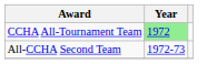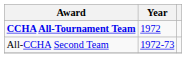 <table class="wikitable">
 <tr>
 <th>Award</th>
 <th>Year</th>
 <th></th>
 </tr>
 <tr>
-<td><a href='#'>CCHA</a> <a href='#'>All-Tournament Team</a></td>
-<td style="background: lightgreen;"><a href='#'>1972</a></td>
+<td><strong><a href='#'>CCHA</a> <a href='#'>All-Tournament Team</a></strong></td>
+<td><a href='#'>1972</a></td>
 <td></td>
 </tr>
 <tr>
 <td>All-<a href='#'>CCHA</a> <a href='#'>Second Team</a></td>
 <td><a href='#'>1972-73</a></td>
 <td></td>
 </tr>
 <tr>
 </tr>
 </table>
